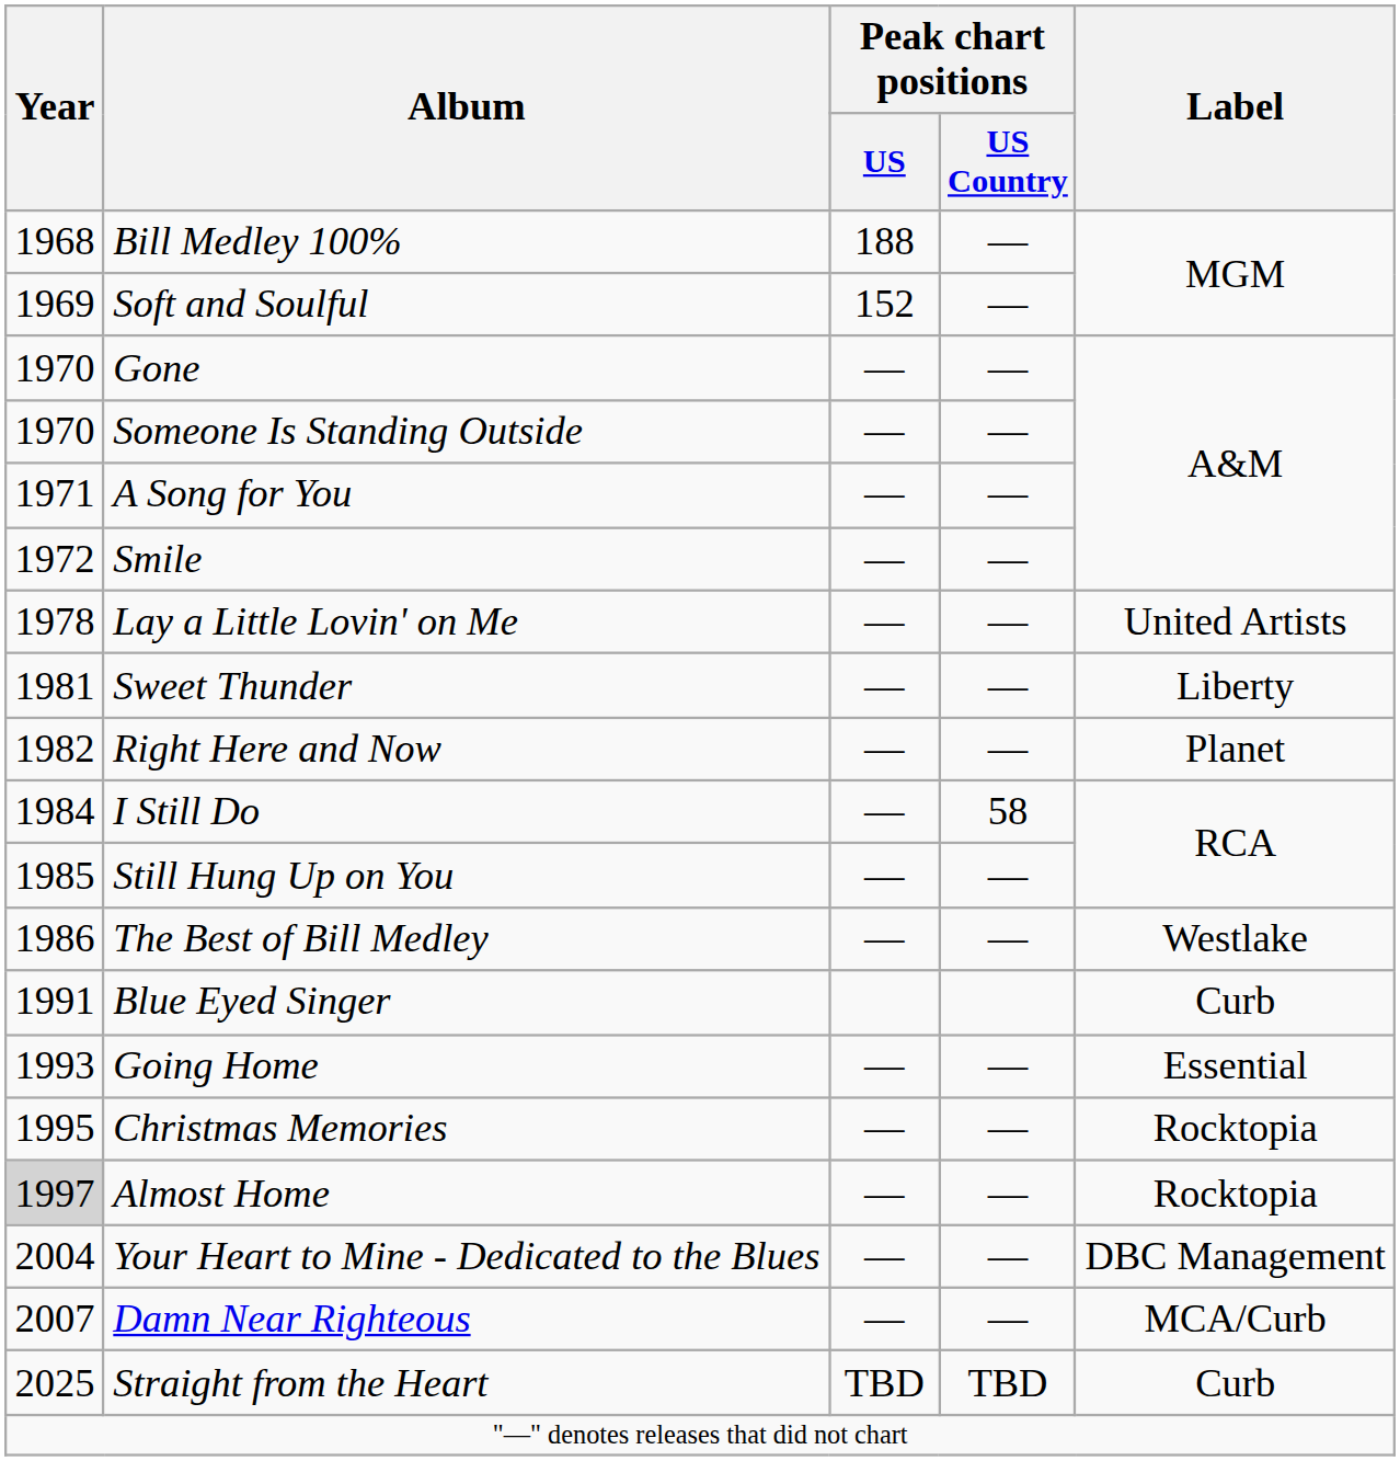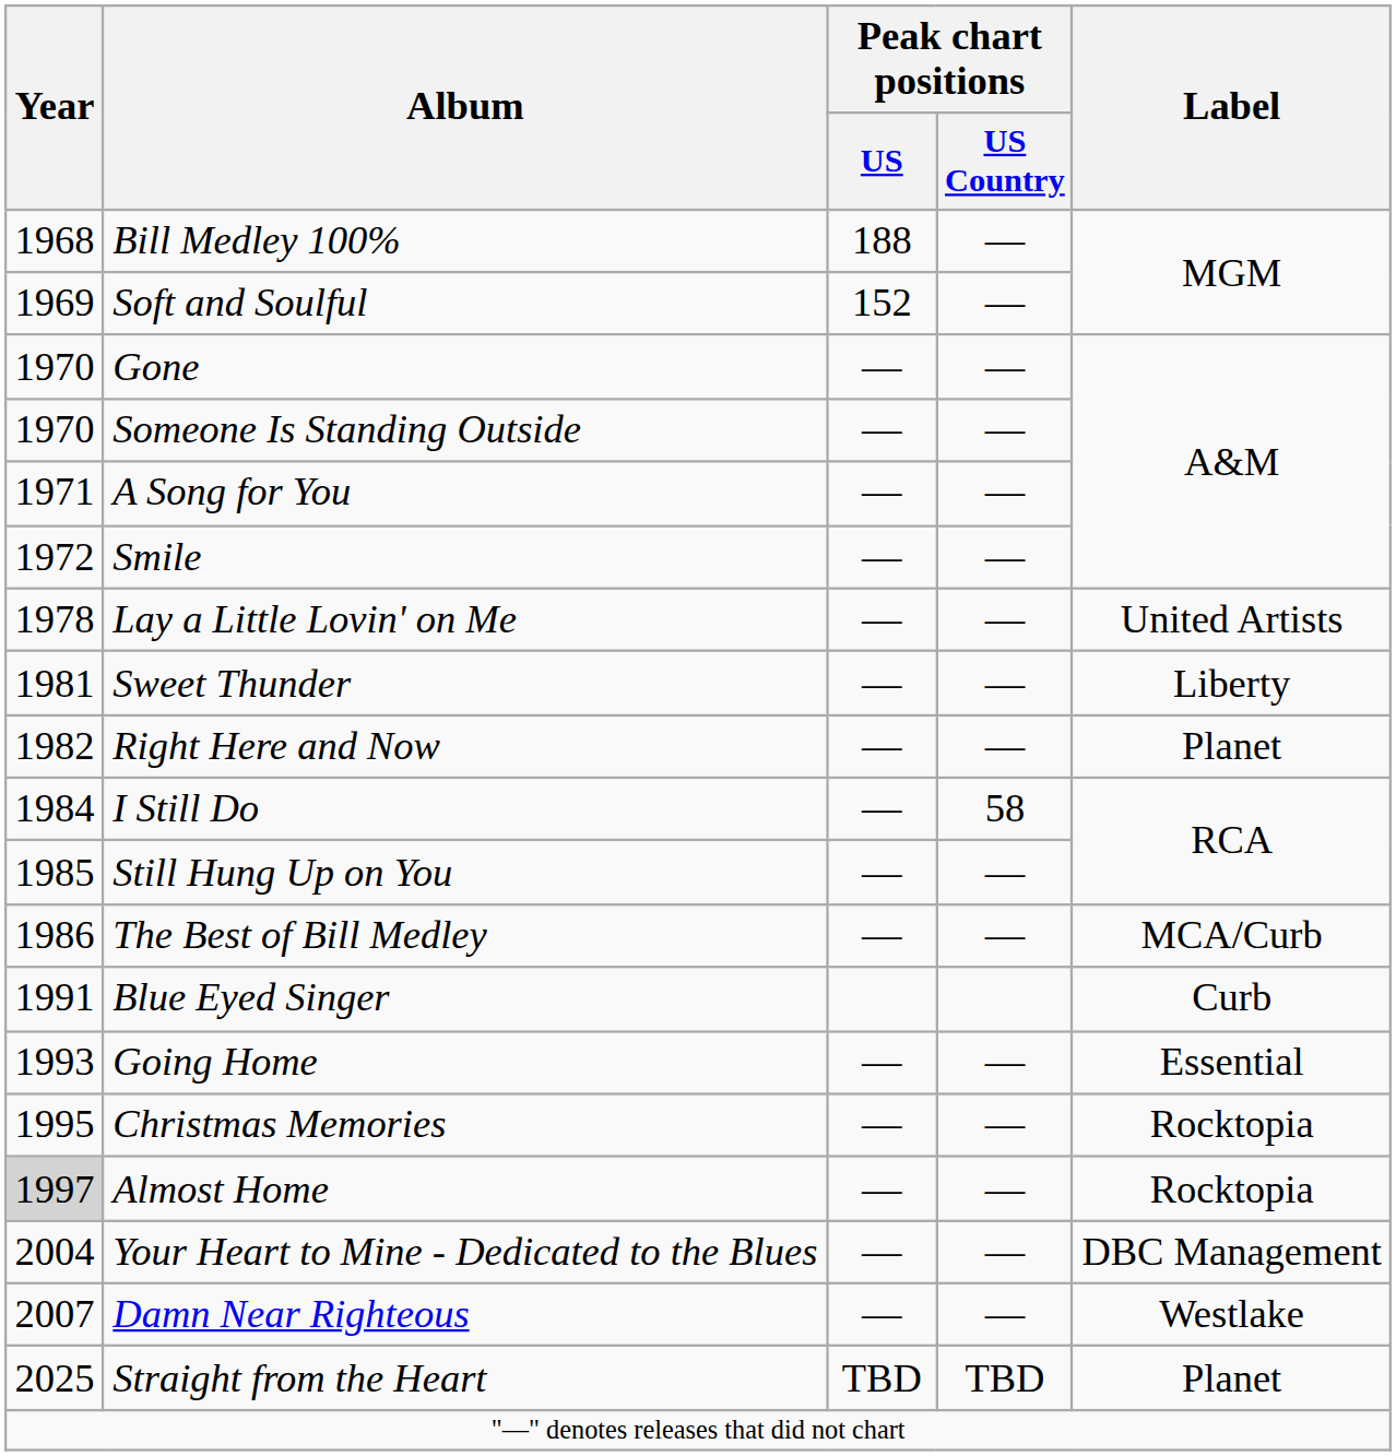 <table class="wikitable" style="text-align:center;">
 <tr>
 <th rowspan="2">Year</th>
 <th rowspan="2">Album</th>
 <th colspan="2">Peak chart<br>positions</th>
 <th rowspan="2">Label</th>
 </tr>
 <tr style="font-size:smaller;">
 <th style="width:38px;"><a href='#'>US</a><br></th>
 <th style="width:38px;"><a href='#'>US Country</a><br></th>
 </tr>
 <tr>
 <td>1968</td>
 <td style="text-align:left;"><em>Bill Medley 100%</em></td>
 <td>188</td>
 <td>—</td>
 <td rowspan="2">MGM</td>
 </tr>
 <tr>
 <td>1969</td>
 <td style="text-align:left;"><em>Soft and Soulful</em></td>
 <td>152</td>
 <td>—</td>
 </tr>
 <tr>
 <td>1970</td>
 <td style="text-align:left;"><em>Gone</em></td>
 <td>—</td>
 <td>—</td>
 <td rowspan="4">A&M</td>
 </tr>
 <tr>
 <td>1970</td>
 <td style="text-align:left;"><em>Someone Is Standing Outside</em></td>
 <td>—</td>
 <td>—</td>
 </tr>
 <tr>
 <td>1971</td>
 <td style="text-align:left;"><em>A Song for You</em></td>
 <td>—</td>
 <td>—</td>
 </tr>
 <tr>
 <td>1972</td>
 <td style="text-align:left;"><em>Smile</em></td>
 <td>—</td>
 <td>—</td>
 </tr>
 <tr>
 <td>1978</td>
 <td style="text-align:left;"><em>Lay a Little Lovin' on Me</em></td>
 <td>—</td>
 <td>—</td>
 <td>United Artists</td>
 </tr>
 <tr>
 <td>1981</td>
 <td style="text-align:left;"><em>Sweet Thunder</em></td>
 <td>—</td>
 <td>—</td>
 <td>Liberty</td>
 </tr>
 <tr>
 <td>1982</td>
 <td style="text-align:left;"><em>Right Here and Now</em></td>
 <td>—</td>
 <td>—</td>
 <td>Planet</td>
 </tr>
 <tr>
 <td>1984</td>
 <td style="text-align:left;"><em>I Still Do</em></td>
 <td>—</td>
 <td style="text-align:center;">58</td>
 <td rowspan="2">RCA</td>
 </tr>
 <tr>
 <td>1985</td>
 <td style="text-align:left;"><em>Still Hung Up on You</em></td>
 <td>—</td>
 <td>—</td>
 </tr>
 <tr>
 <td>1986</td>
 <td style="text-align:left;"><em>The Best of Bill Medley</em></td>
 <td>—</td>
 <td>—</td>
-<td>Westlake</td>
+<td>MCA/Curb</td>
 </tr>
 <tr>
 <td>1991</td>
 <td style="text-align:left;"><em>Blue Eyed Singer</em></td>
 <td></td>
 <td></td>
 <td>Curb</td>
 </tr>
 <tr>
 <td>1993</td>
 <td style="text-align:left;"><em>Going Home</em></td>
 <td>—</td>
 <td>—</td>
 <td>Essential</td>
 </tr>
 <tr>
 <td>1995</td>
 <td style="text-align:left;"><em>Christmas Memories</em></td>
 <td>—</td>
 <td>—</td>
 <td>Rocktopia</td>
 </tr>
 <tr>
 <td style="background: lightgrey;">1997</td>
 <td style="text-align:left;"><em>Almost Home</em></td>
 <td>—</td>
 <td>—</td>
 <td>Rocktopia</td>
 </tr>
 <tr>
 <td>2004</td>
 <td style="text-align:left;"><em>Your Heart to Mine - Dedicated to the Blues</em></td>
 <td>—</td>
 <td>—</td>
 <td>DBC Management</td>
 </tr>
 <tr>
 <td>2007</td>
 <td style="text-align:left;"><em><a href='#'>Damn Near Righteous</a></em></td>
 <td>—</td>
 <td>—</td>
-<td>MCA/Curb</td>
+<td>Westlake</td>
 </tr>
 <tr>
 <td>2025</td>
 <td style="text-align:left;"><em>Straight from the Heart</em></td>
 <td>TBD</td>
 <td>TBD</td>
-<td>Curb</td>
+<td>Planet</td>
 </tr>
 <tr>
 <td colspan="6" style="font-size:8pt">"—" denotes releases that did not chart</td>
 </tr>
 </table>
